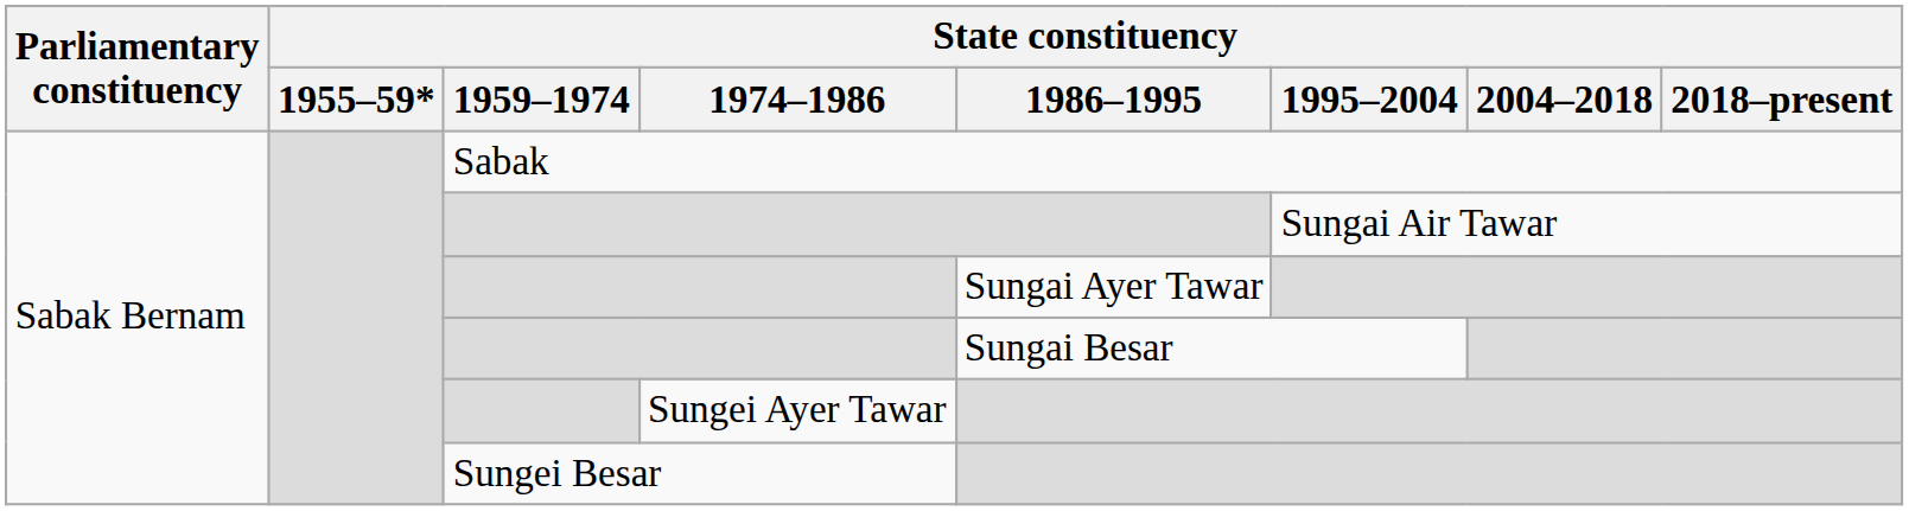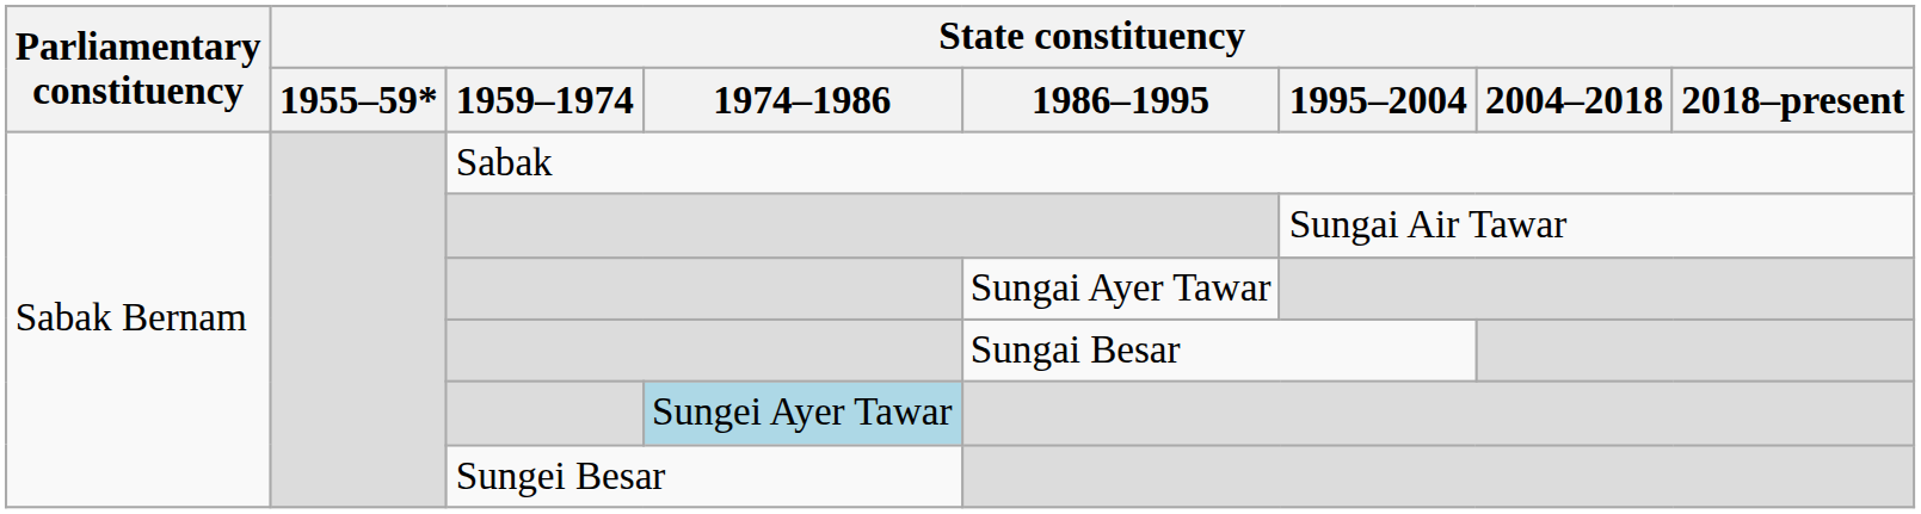 <table class="wikitable">
 <tr>
 <th rowspan="2">Parliamentary<br>constituency</th>
 <th colspan="7">State constituency</th>
 </tr>
 <tr>
 <th>1955–59*</th>
 <th>1959–1974</th>
 <th>1974–1986</th>
 <th>1986–1995</th>
 <th>1995–2004</th>
 <th>2004–2018</th>
 <th>2018–present</th>
 </tr>
 <tr>
 <td rowspan="6">Sabak Bernam</td>
 <td rowspan="6" bgcolor="dcdcdc"></td>
 <td colspan="6">Sabak</td>
 </tr>
 <tr>
 <td colspan="3" bgcolor="dcdcdc"></td>
 <td colspan="3">Sungai Air Tawar</td>
 </tr>
 <tr>
 <td colspan="2" bgcolor="dcdcdc"></td>
 <td>Sungai Ayer Tawar</td>
 <td colspan="3" bgcolor="dcdcdc"></td>
 </tr>
 <tr>
 <td colspan="2" bgcolor="dcdcdc"></td>
 <td colspan="2">Sungai Besar</td>
 <td colspan="2" bgcolor="dcdcdc"></td>
 </tr>
 <tr>
 <td bgcolor="dcdcdc"></td>
-<td>Sungei Ayer Tawar</td>
+<td style="background: lightblue;">Sungei Ayer Tawar</td>
 <td colspan="4" bgcolor="dcdcdc"></td>
 </tr>
 <tr>
 <td colspan="2">Sungei Besar</td>
 <td colspan="4" bgcolor="dcdcdc"></td>
 </tr>
 </table>
